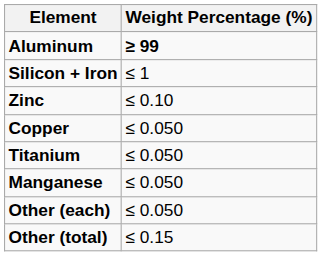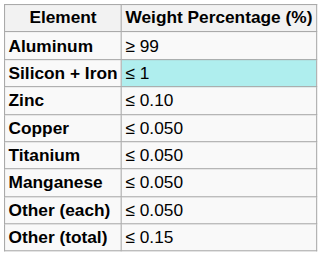 <table class="wikitable">
 <tr>
 <th>Element</th>
 <th>Weight Percentage (%)</th>
 </tr>
 <tr>
 <td><strong>Aluminum</strong></td>
-<td><strong>≥ 99</strong></td>
+<td>≥ 99</td>
 </tr>
 <tr>
 <td><strong>Silicon + Iron</strong></td>
-<td>≤ 1</td>
+<td style="background: paleturquoise;">≤ 1</td>
 </tr>
 <tr>
 <td><strong>Zinc</strong></td>
 <td>≤ 0.10</td>
 </tr>
 <tr>
 <td><strong>Copper</strong></td>
 <td>≤ 0.050</td>
 </tr>
 <tr>
 <td><strong>Titanium</strong></td>
 <td>≤ 0.050</td>
 </tr>
 <tr>
 <td><strong>Manganese</strong></td>
 <td>≤ 0.050</td>
 </tr>
 <tr>
 <td><strong>Other (each)</strong></td>
 <td>≤ 0.050</td>
 </tr>
 <tr>
 <td><strong>Other (total)</strong></td>
 <td>≤ 0.15</td>
 </tr>
 </table>
